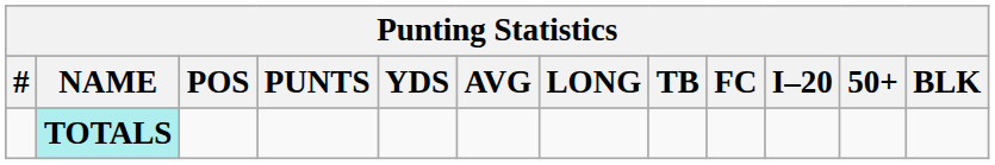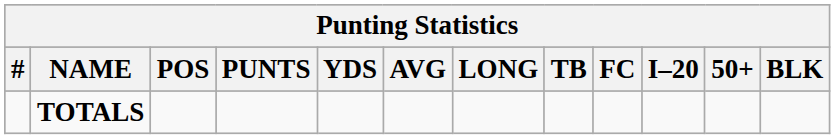 <table class="wikitable sortable collapsible collapsed">
 <tr>
 <th colspan="12">Punting Statistics</th>
 </tr>
 <tr>
 <th>#</th>
 <th>NAME</th>
 <th>POS</th>
 <th>PUNTS</th>
 <th>YDS</th>
 <th>AVG</th>
 <th>LONG</th>
 <th>TB</th>
 <th>FC</th>
 <th>I–20</th>
 <th>50+</th>
 <th>BLK</th>
 </tr>
 <tr>
 <td></td>
-<td style="background: paleturquoise;"><strong>TOTALS</strong></td>
+<td><strong>TOTALS</strong></td>
 <td></td>
 <td></td>
 <td></td>
 <td></td>
 <td></td>
 <td></td>
 <td></td>
 <td></td>
 <td></td>
 <td></td>
 </tr>
 </table>
